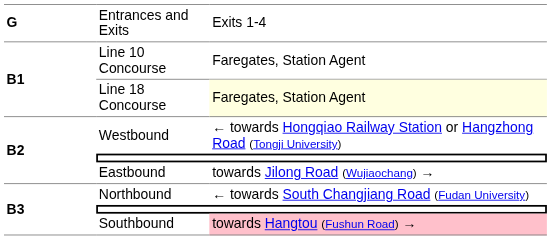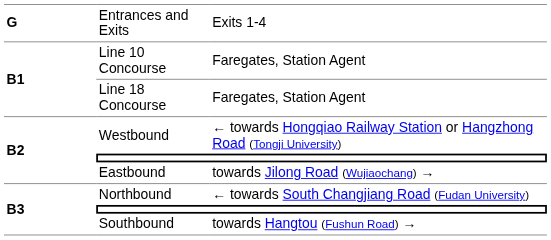 <table cellspacing=0 cellpadding=3>
 <tr>
 <td style="border-top:solid 1px gray;border-bottom:solid 1px gray;" width=100><strong>G</strong></td>
 <td style="border-top:solid 1px gray;border-bottom:solid 1px gray;">Entrances and Exits</td>
 <td style="border-top:solid 1px gray;border-bottom:solid 1px gray;">Exits 1-4</td>
 </tr>
 <tr>
 <td style="border-bottom:solid 1px gray;" rowspan=2><strong>B1</strong></td>
 <td style="border-bottom:solid 1px gray;">Line 10 Concourse</td>
 <td style="border-bottom:solid 1px gray;">Faregates, Station Agent</td>
 </tr>
 <tr>
 <td style="border-bottom:solid 1px gray;">Line 18 Concourse</td>
-<td style="background: lightyellow; border-bottom:solid 1px gray;">Faregates, Station Agent</td>
+<td style="border-bottom:solid 1px gray;">Faregates, Station Agent</td>
 </tr>
 <tr>
 <td style="border-bottom:solid 1px gray;" rowspan=3><strong>B2</strong></td>
 <td>Westbound</td>
 <td>←  towards <a href='#'>Hongqiao Railway Station</a> or <a href='#'>Hangzhong Road</a> <small>(<a href='#'>Tongji University</a>)</small></td>
 </tr>
 <tr>
 <td style="border-right:solid 2px black;border-left:solid 2px black;border-top:solid 2px black;border-bottom:solid 2px black;" colspan=2></td>
 </tr>
 <tr>
 <td style="border-bottom:solid 1px gray;">Eastbound</td>
 <td style="border-bottom:solid 1px gray;">  towards <a href='#'>Jilong Road</a> <small>(<a href='#'>Wujiaochang</a>)</small> →</td>
 </tr>
 <tr>
 <td style="border-bottom:solid 1px gray;" rowspan=3><strong>B3</strong></td>
 <td>Northbound</td>
 <td>←  towards <a href='#'>South Changjiang Road</a> <small>(<a href='#'>Fudan University</a>)</small></td>
 </tr>
 <tr>
 <td style="border-right:solid 2px black;border-left:solid 2px black;border-top:solid 2px black;border-bottom:solid 2px black;" colspan=2></td>
 </tr>
 <tr>
 <td style="border-bottom:solid 1px gray;">Southbound</td>
-<td style="background: pink; border-bottom:solid 1px gray;">  towards <a href='#'>Hangtou</a> <small>(<a href='#'>Fushun Road</a>)</small> →</td>
+<td style="border-bottom:solid 1px gray;">  towards <a href='#'>Hangtou</a> <small>(<a href='#'>Fushun Road</a>)</small> →</td>
 </tr>
 </table>
